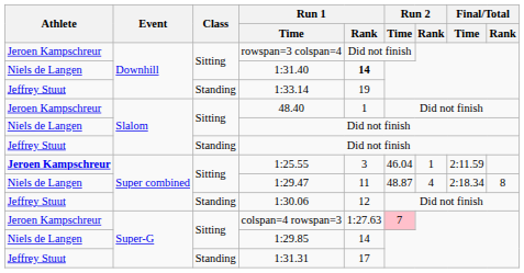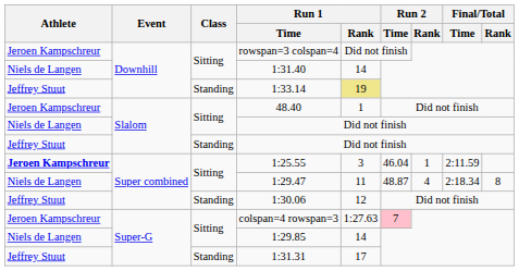 <table class="wikitable" style="font-size:90%">
 <tr>
 <th rowspan="2">Athlete</th>
 <th rowspan="2">Event</th>
 <th rowspan="2">Class</th>
 <th colspan="2">Run 1</th>
 <th colspan="2">Run 2</th>
 <th colspan="2">Final/Total</th>
 </tr>
 <tr>
 <th>Time</th>
 <th>Rank</th>
 <th>Time</th>
 <th>Rank</th>
 <th>Time</th>
 <th>Rank</th>
 </tr>
 <tr align=center>
 <td align=left><a href='#'>Jeroen Kampschreur</a></td>
 <td align=left rowspan=3><a href='#'>Downhill</a></td>
 <td align=left rowspan=2>Sitting</td>
 <td>rowspan=3 colspan=4 </td>
 <td align=center colspan=2>Did not finish</td>
 </tr>
 <tr align=center>
 <td align=left><a href='#'>Niels de Langen</a></td>
 <td>1:31.40</td>
-<td><strong>14</strong></td>
+<td>14</td>
 </tr>
 <tr align=center>
 <td align=left><a href='#'>Jeffrey Stuut</a></td>
 <td align=left>Standing</td>
 <td>1:33.14</td>
-<td>19</td>
+<td style="background: khaki;">19</td>
 </tr>
 <tr align=center>
 <td align=left><a href='#'>Jeroen Kampschreur</a></td>
 <td align=left rowspan=3><a href='#'>Slalom</a></td>
 <td align=left rowspan=2>Sitting</td>
 <td>48.40</td>
 <td>1</td>
 <td colspan=4>Did not finish</td>
 </tr>
 <tr align=center>
 <td align=left><a href='#'>Niels de Langen</a></td>
 <td colspan=6>Did not finish</td>
 </tr>
 <tr align=center>
 <td align=left><a href='#'>Jeffrey Stuut</a></td>
 <td align=left>Standing</td>
 <td colspan=6>Did not finish</td>
 </tr>
 <tr align=center>
 <td align=left><strong><a href='#'>Jeroen Kampschreur</a></strong></td>
 <td align=left rowspan=3><a href='#'>Super combined</a></td>
 <td align=left rowspan=2>Sitting</td>
 <td>1:25.55</td>
 <td>3</td>
 <td>46.04</td>
 <td>1</td>
 <td>2:11.59</td>
 <td></td>
 </tr>
 <tr align=center>
 <td align=left><a href='#'>Niels de Langen</a></td>
 <td>1:29.47</td>
 <td>11</td>
 <td>48.87</td>
 <td>4</td>
 <td>2:18.34</td>
 <td>8</td>
 </tr>
 <tr align=center>
 <td align=left><a href='#'>Jeffrey Stuut</a></td>
 <td align=left>Standing</td>
 <td>1:30.06</td>
 <td>12</td>
 <td colspan=4>Did not finish</td>
 </tr>
 <tr align=center>
 <td align=left><a href='#'>Jeroen Kampschreur</a></td>
 <td align=left rowspan=3><a href='#'>Super-G</a></td>
 <td align=left rowspan=2>Sitting</td>
 <td>colspan=4 rowspan=3 </td>
 <td>1:27.63</td>
 <td style="background: pink;">7</td>
 </tr>
 <tr align=center>
 <td align=left><a href='#'>Niels de Langen</a></td>
 <td>1:29.85</td>
 <td>14</td>
 </tr>
 <tr align=center>
 <td align=left><a href='#'>Jeffrey Stuut</a></td>
 <td align=left>Standing</td>
 <td>1:31.31</td>
 <td>17</td>
 </tr>
 </table>
